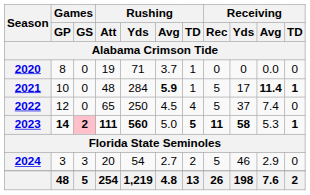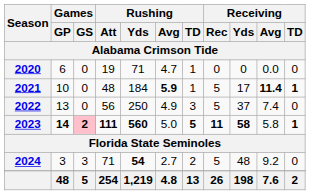 <table class="wikitable" style="text-align:center;">
 <tr>
 <th rowspan="2">Season</th>
 <th colspan="2">Games</th>
 <th colspan="4">Rushing</th>
 <th colspan="4">Receiving</th>
 </tr>
 <tr>
 <th>GP</th>
 <th>GS</th>
 <th>Att</th>
 <th>Yds</th>
 <th>Avg</th>
 <th>TD</th>
 <th>Rec</th>
 <th>Yds</th>
 <th>Avg</th>
 <th>TD</th>
 </tr>
 <tr>
 <th colspan="15">Alabama Crimson Tide</th>
 </tr>
 <tr>
 <th><a href='#'>2020</a></th>
-<td>8</td>
+<td>6</td>
 <td>0</td>
 <td>19</td>
 <td>71</td>
-<td>3.7</td>
+<td>4.7</td>
 <td>1</td>
 <td>0</td>
 <td>0</td>
 <td>0.0</td>
 <td>0</td>
 </tr>
 <tr>
 <th><a href='#'>2021</a></th>
 <td>10</td>
 <td>0</td>
 <td>48</td>
-<td>284</td>
+<td>184</td>
 <td><strong>5.9</strong></td>
 <td>1</td>
 <td>5</td>
 <td>17</td>
 <td><strong>11.4</strong></td>
 <td><strong>1</strong></td>
 </tr>
 <tr>
 <th><a href='#'>2022</a></th>
-<td>12</td>
+<td>13</td>
 <td>0</td>
-<td>65</td>
+<td>56</td>
 <td>250</td>
-<td>4.5</td>
-<td>4</td>
+<td>4.9</td>
+<td>3</td>
 <td>5</td>
 <td>37</td>
 <td>7.4</td>
 <td>0</td>
 </tr>
 <tr>
 <th><a href='#'>2023</a></th>
 <td><strong>14</strong></td>
 <td style="background: pink;"><strong>2</strong></td>
 <td><strong>111</strong></td>
 <td><strong>560</strong></td>
 <td>5.0</td>
 <td><strong>5</strong></td>
 <td><strong>11</strong></td>
 <td><strong>58</strong></td>
-<td>5.3</td>
+<td>5.8</td>
 <td><strong>1</strong></td>
 </tr>
 <tr>
 <th colspan="11">Florida State Seminoles</th>
 </tr>
 <tr>
 <th><a href='#'>2024</a></th>
 <td>3</td>
 <td>3</td>
-<td>20</td>
-<td>54</td>
+<td>71</td>
+<td><strong>54</strong></td>
 <td>2.7</td>
 <td>2</td>
 <td>5</td>
-<td>46</td>
-<td>2.9</td>
+<td>48</td>
+<td>9.2</td>
 <td>0</td>
 </tr>
 <tr>
 </tr>
 <tr>
 <th></th>
 <th>48</th>
 <th>5</th>
 <th>254</th>
 <th>1,219</th>
 <th>4.8</th>
 <th>13</th>
 <th>26</th>
 <th>198</th>
 <th>7.6</th>
 <th>2</th>
 </tr>
 </table>
